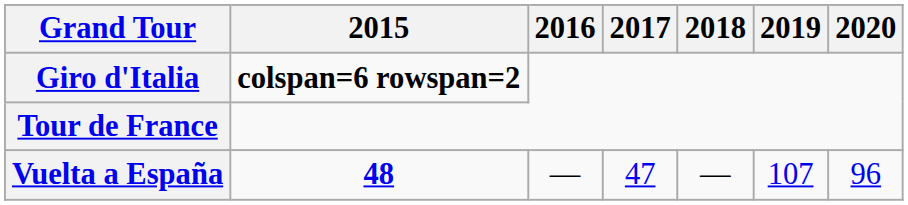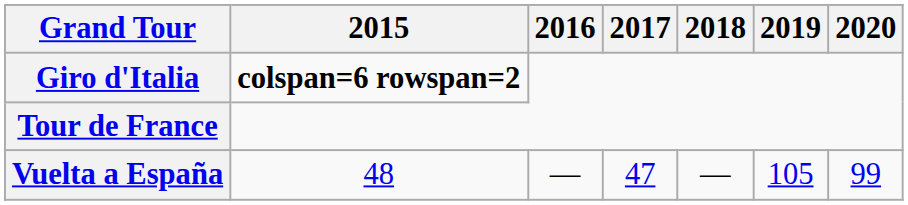 <table class="wikitable plainrowheaders">
 <tr>
 <th scope="col"><a href='#'>Grand Tour</a></th>
 <th scope="col">2015</th>
 <th scope="col">2016</th>
 <th scope="col">2017</th>
 <th scope="col">2018</th>
 <th scope="col">2019</th>
 <th scope="col">2020</th>
 </tr>
 <tr style="text-align:center;">
 <th scope="row"> <a href='#'>Giro d'Italia</a></th>
 <td><strong>colspan=6 rowspan=2 </strong></td>
 </tr>
 <tr style="text-align:center;">
 <th scope="row"> <a href='#'>Tour de France</a></th>
 </tr>
 <tr style="text-align:center;">
 <th scope="row"> <a href='#'>Vuelta a España</a></th>
-<td><strong><a href='#'>48</a></strong></td>
+<td><a href='#'>48</a></td>
 <td>—</td>
 <td><a href='#'>47</a></td>
 <td>—</td>
-<td><a href='#'>107</a></td>
-<td><a href='#'>96</a></td>
+<td><a href='#'>105</a></td>
+<td><a href='#'>99</a></td>
 </tr>
 </table>
